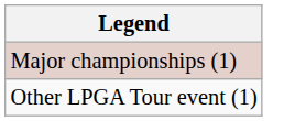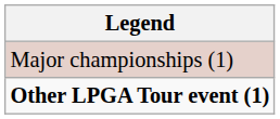 <table class="wikitable" style="font-size:95%;">
 <tr>
 <th>Legend</th>
 </tr>
 <tr style="background:#e5d1cb;">
 <td>Major championships (1)</td>
 </tr>
 <tr>
-<td>Other LPGA Tour event (1)</td>
+<td><strong>Other LPGA Tour event (1)</strong></td>
 </tr>
 </table>
